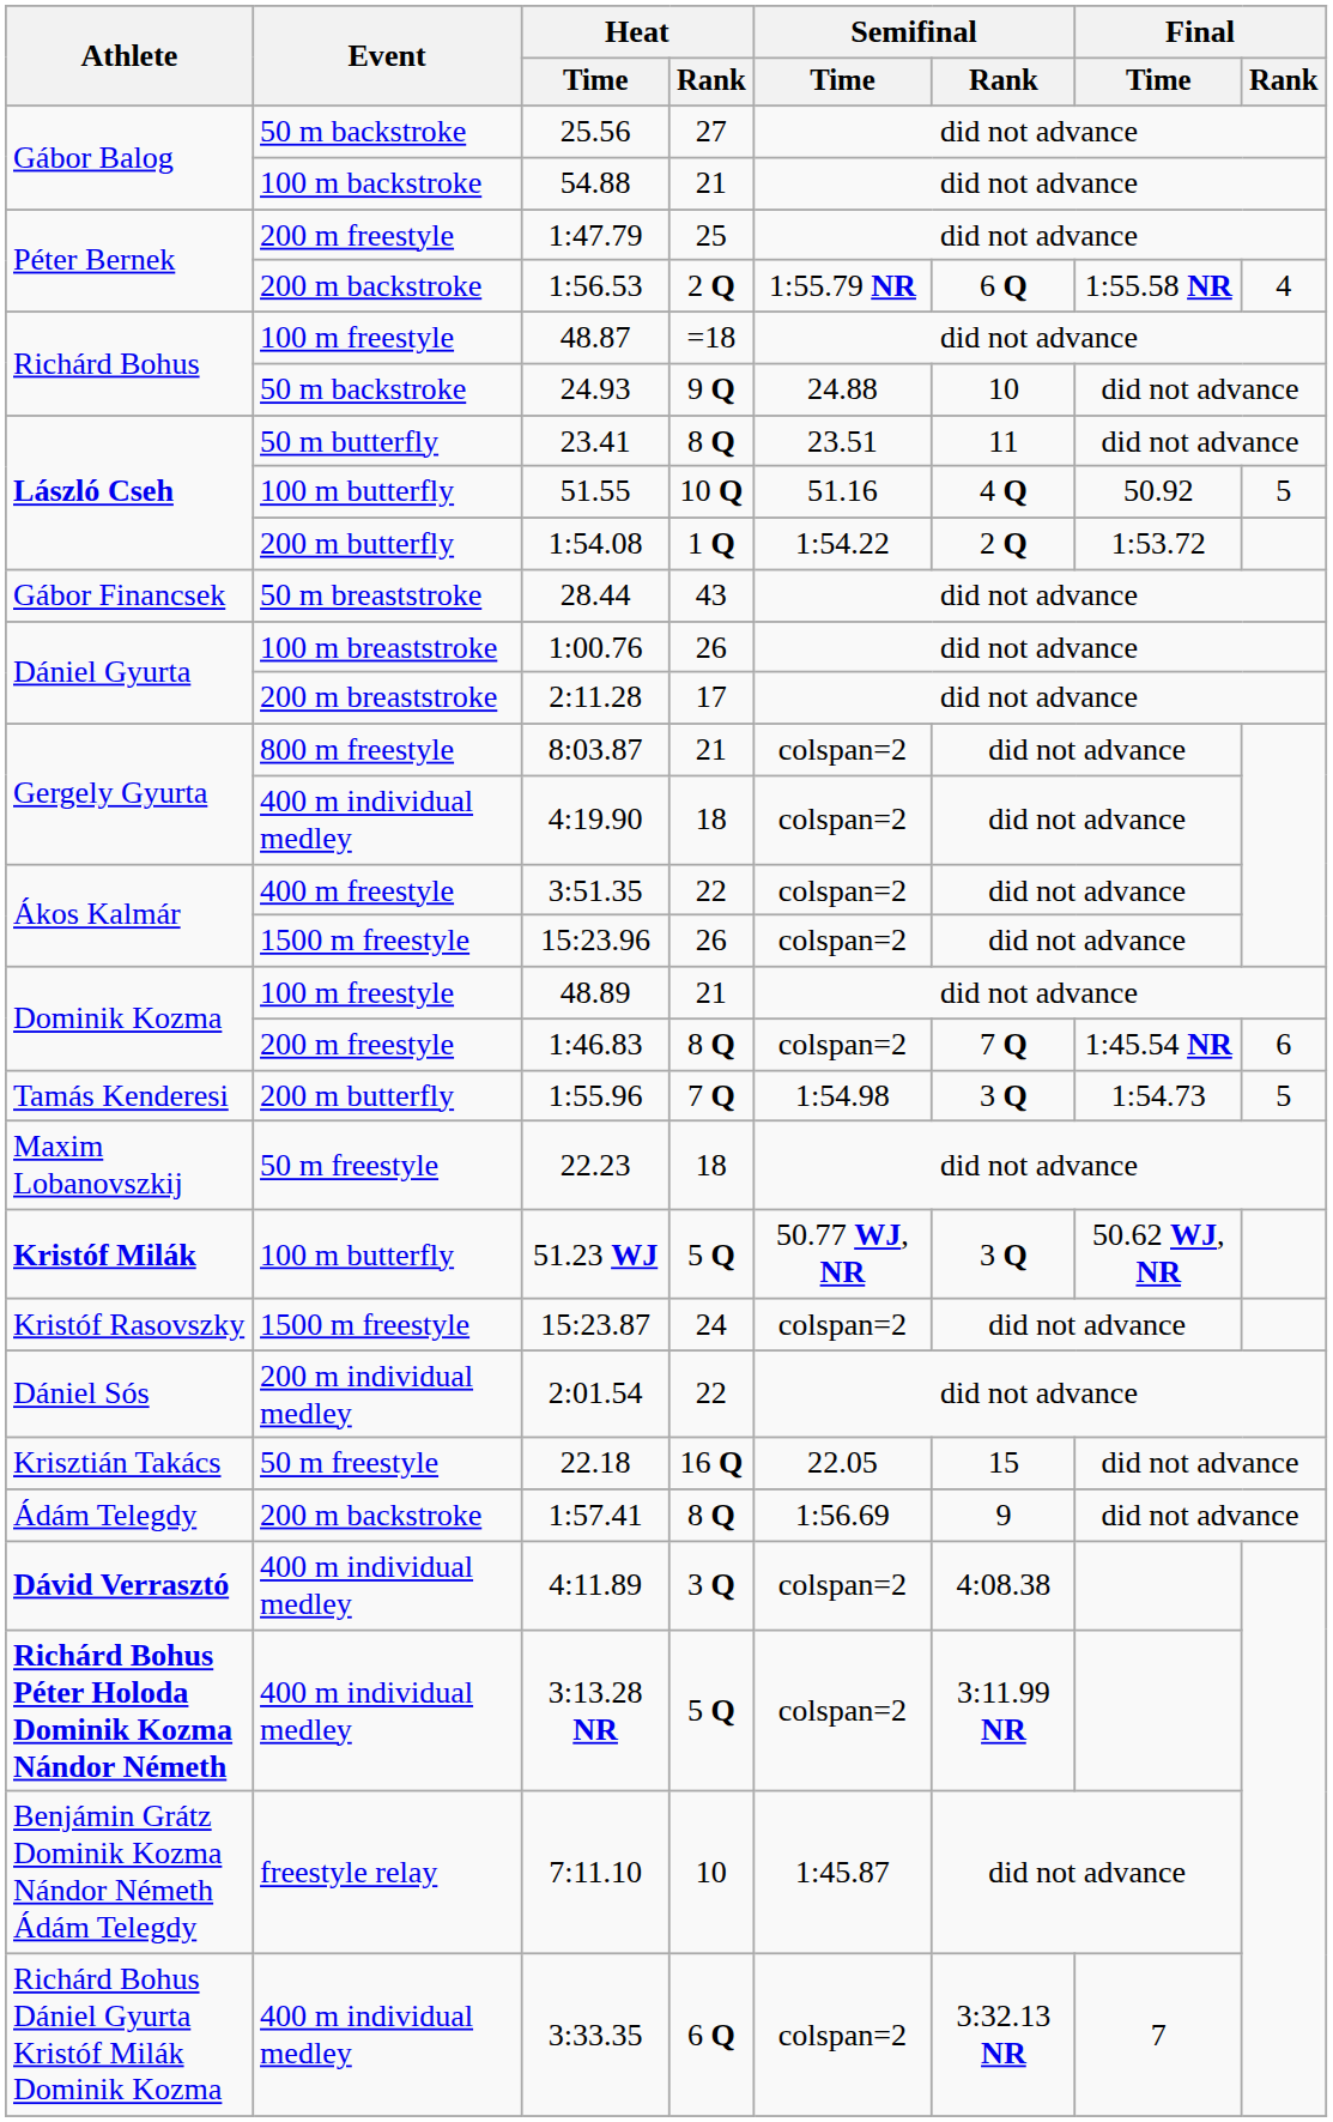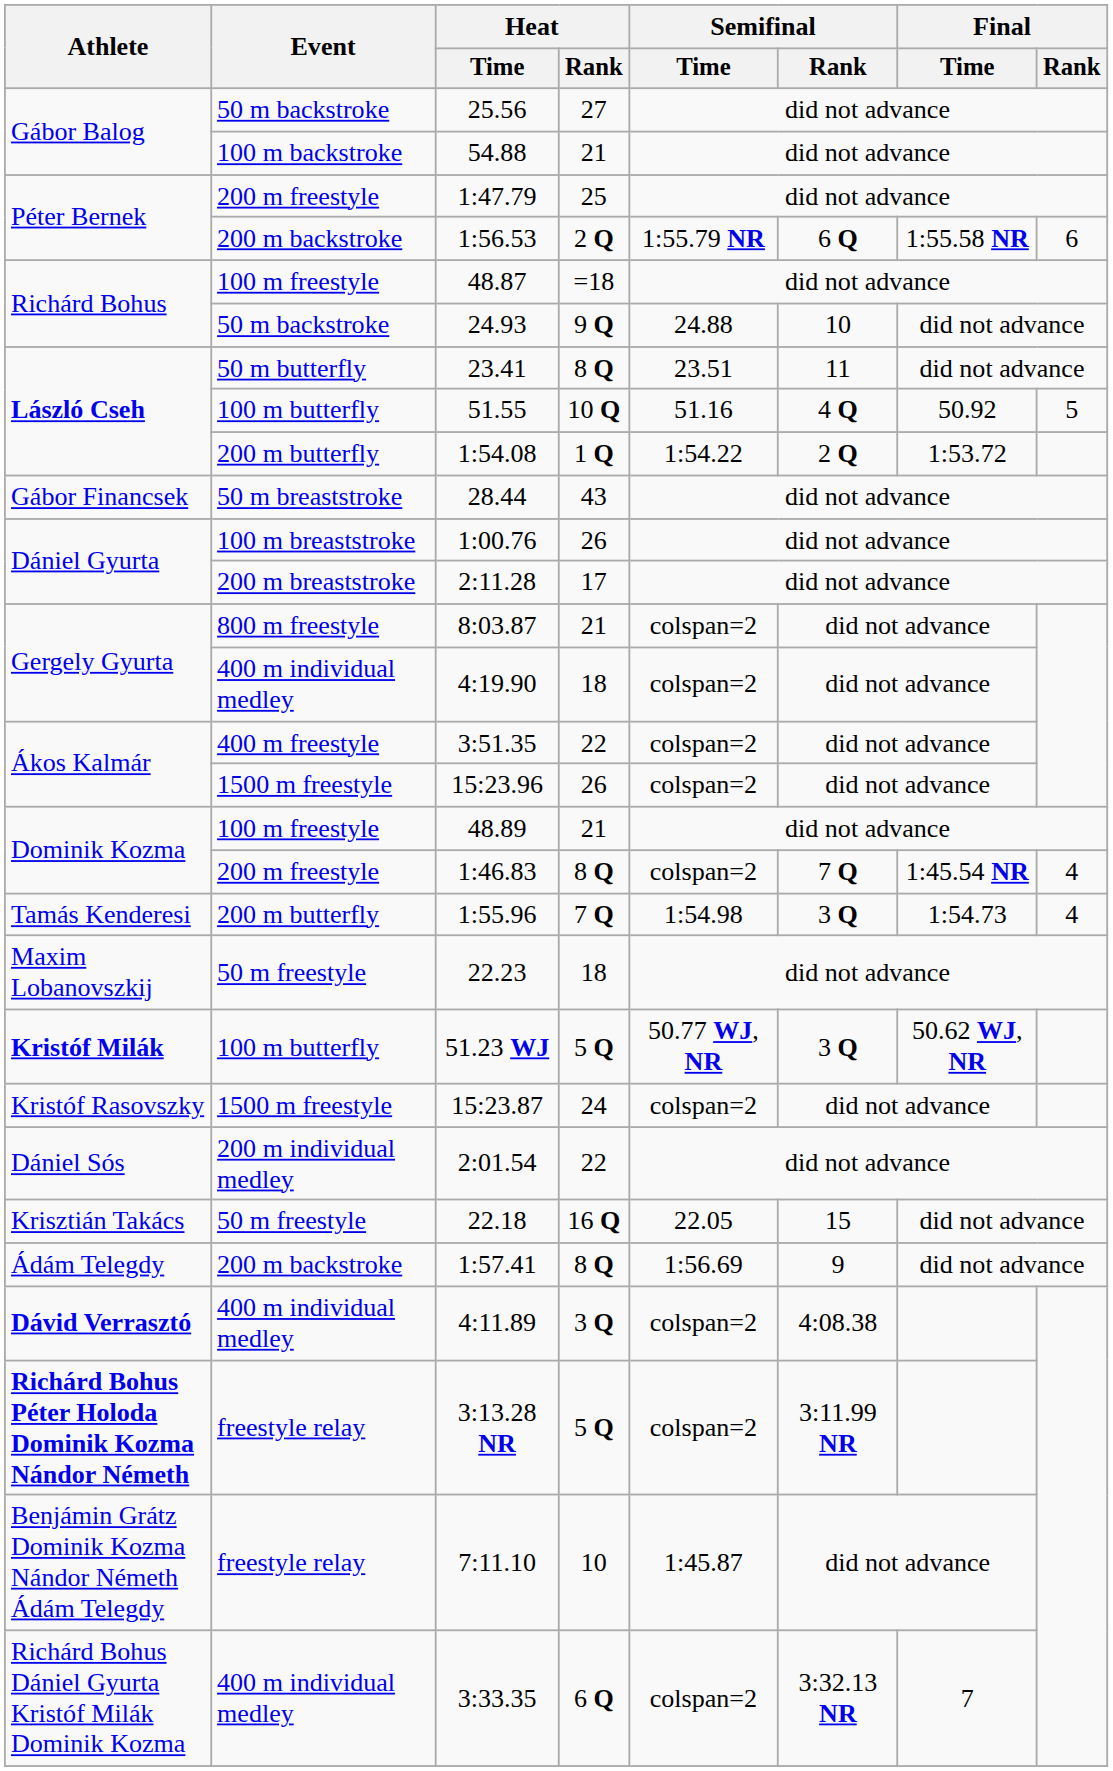 <table class=wikitable style="font-size:90%">
 <tr>
 <th rowspan="2">Athlete</th>
 <th rowspan="2">Event</th>
 <th colspan="2">Heat</th>
 <th colspan="2">Semifinal</th>
 <th colspan="2">Final</th>
 </tr>
 <tr style="font-size:95%">
 <th>Time</th>
 <th>Rank</th>
 <th>Time</th>
 <th>Rank</th>
 <th>Time</th>
 <th>Rank</th>
 </tr>
 <tr align=center>
 <td align=left  rowspan=2><a href='#'>Gábor Balog</a></td>
 <td align=left><a href='#'>50 m backstroke</a></td>
 <td>25.56</td>
 <td>27</td>
 <td colspan=4>did not advance</td>
 </tr>
 <tr align=center>
 <td align=left><a href='#'>100 m backstroke</a></td>
 <td>54.88</td>
 <td>21</td>
 <td colspan=4>did not advance</td>
 </tr>
 <tr align=center>
 <td align=left rowspan=2><a href='#'>Péter Bernek</a></td>
 <td align=left><a href='#'>200 m freestyle</a></td>
 <td>1:47.79</td>
 <td>25</td>
 <td colspan=4>did not advance</td>
 </tr>
 <tr align=center>
 <td align=left><a href='#'>200 m backstroke</a></td>
 <td>1:56.53</td>
 <td>2 <strong>Q</strong></td>
 <td>1:55.79 <strong><a href='#'>NR</a></strong></td>
 <td>6 <strong>Q</strong></td>
 <td>1:55.58 <strong><a href='#'>NR</a></strong></td>
-<td>4</td>
+<td>6</td>
 </tr>
 <tr align=center>
 <td align=left rowspan=2><a href='#'>Richárd Bohus</a></td>
 <td align=left><a href='#'>100 m freestyle</a></td>
 <td>48.87</td>
 <td>=18</td>
 <td colspan=4>did not advance</td>
 </tr>
 <tr align=center>
 <td align=left><a href='#'>50 m backstroke</a></td>
 <td>24.93</td>
 <td>9 <strong>Q</strong></td>
 <td>24.88</td>
 <td>10</td>
 <td colspan=2>did not advance</td>
 </tr>
 <tr align=center>
 <td align=left rowspan=3><strong><a href='#'>László Cseh</a></strong></td>
 <td align=left><a href='#'>50 m butterfly</a></td>
 <td>23.41</td>
 <td>8 <strong>Q</strong></td>
 <td>23.51</td>
 <td>11</td>
 <td colspan=2>did not advance</td>
 </tr>
 <tr align=center>
 <td align=left><a href='#'>100 m butterfly</a></td>
 <td>51.55</td>
 <td>10 <strong>Q</strong></td>
 <td>51.16</td>
 <td>4 <strong>Q</strong></td>
 <td>50.92</td>
 <td>5</td>
 </tr>
 <tr align=center>
 <td align=left><a href='#'>200 m butterfly</a></td>
 <td>1:54.08</td>
 <td>1 <strong>Q</strong></td>
 <td>1:54.22</td>
 <td>2 <strong>Q</strong></td>
 <td>1:53.72</td>
 <td></td>
 </tr>
 <tr align=center>
 <td align=left><a href='#'>Gábor Financsek</a></td>
 <td align=left><a href='#'>50 m breaststroke</a></td>
 <td>28.44</td>
 <td>43</td>
 <td colspan=4>did not advance</td>
 </tr>
 <tr align=center>
 <td align=left rowspan=2><a href='#'>Dániel Gyurta</a></td>
 <td align=left><a href='#'>100 m breaststroke</a></td>
 <td>1:00.76</td>
 <td>26</td>
 <td colspan=4>did not advance</td>
 </tr>
 <tr align=center>
 <td align=left><a href='#'>200 m breaststroke</a></td>
 <td>2:11.28</td>
 <td>17</td>
 <td colspan=4>did not advance</td>
 </tr>
 <tr align=center>
 <td align=left rowspan=2><a href='#'>Gergely Gyurta</a></td>
 <td align=left><a href='#'>800 m freestyle</a></td>
 <td>8:03.87</td>
 <td>21</td>
 <td>colspan=2 </td>
 <td colspan=2>did not advance</td>
 </tr>
 <tr align=center>
 <td align=left><a href='#'>400 m individual medley</a></td>
 <td>4:19.90</td>
 <td>18</td>
 <td>colspan=2 </td>
 <td colspan=2>did not advance</td>
 </tr>
 <tr align=center>
 <td align=left rowspan=2><a href='#'>Ákos Kalmár</a></td>
 <td align=left><a href='#'>400 m freestyle</a></td>
 <td>3:51.35</td>
 <td>22</td>
 <td>colspan=2 </td>
 <td colspan=2>did not advance</td>
 </tr>
 <tr align=center>
 <td align=left><a href='#'>1500 m freestyle</a></td>
 <td>15:23.96</td>
 <td>26</td>
 <td>colspan=2 </td>
 <td colspan=2>did not advance</td>
 </tr>
 <tr align=center>
 <td align=left rowspan=2><a href='#'>Dominik Kozma</a></td>
 <td align=left><a href='#'>100 m freestyle</a></td>
 <td>48.89</td>
 <td>21</td>
 <td colspan=4>did not advance</td>
 </tr>
 <tr align=center>
 <td align=left><a href='#'>200 m freestyle</a></td>
 <td>1:46.83</td>
 <td>8 <strong>Q</strong></td>
 <td>colspan=2 </td>
 <td>7 <strong>Q</strong></td>
 <td>1:45.54 <strong><a href='#'>NR</a></strong></td>
-<td>6</td>
+<td>4</td>
 </tr>
 <tr align=center>
 <td align=left><a href='#'>Tamás Kenderesi</a></td>
 <td align=left><a href='#'>200 m butterfly</a></td>
 <td>1:55.96</td>
 <td>7 <strong>Q</strong></td>
 <td>1:54.98</td>
 <td>3 <strong>Q</strong></td>
 <td>1:54.73</td>
-<td>5</td>
+<td>4</td>
 </tr>
 <tr align=center>
 <td align=left><a href='#'>Maxim Lobanovszkij</a></td>
 <td align=left><a href='#'>50 m freestyle</a></td>
 <td>22.23</td>
 <td>18</td>
 <td colspan=4>did not advance</td>
 </tr>
 <tr align=center>
 <td align=left><strong><a href='#'>Kristóf Milák</a></strong></td>
 <td align=left><a href='#'>100 m butterfly</a></td>
 <td>51.23 <strong><a href='#'>WJ</a></strong></td>
 <td>5 <strong>Q</strong></td>
 <td>50.77 <strong><a href='#'>WJ</a></strong>, <strong><a href='#'>NR</a></strong></td>
 <td>3 <strong>Q</strong></td>
 <td>50.62 <strong><a href='#'>WJ</a></strong>, <strong><a href='#'>NR</a></strong></td>
 <td></td>
 </tr>
 <tr align=center>
 <td align=left><a href='#'>Kristóf Rasovszky</a></td>
 <td align=left><a href='#'>1500 m freestyle</a></td>
 <td>15:23.87</td>
 <td>24</td>
 <td>colspan=2 </td>
 <td colspan=2>did not advance</td>
 </tr>
 <tr align=center>
 <td align=left><a href='#'>Dániel Sós</a></td>
 <td align=left><a href='#'>200 m individual medley</a></td>
 <td>2:01.54</td>
 <td>22</td>
 <td colspan=4>did not advance</td>
 </tr>
 <tr align=center>
 <td align=left><a href='#'>Krisztián Takács</a></td>
 <td align=left><a href='#'>50 m freestyle</a></td>
 <td>22.18</td>
 <td>16 <strong>Q</strong></td>
 <td>22.05</td>
 <td>15</td>
 <td colspan=2>did not advance</td>
 </tr>
 <tr align=center>
 <td align=left><a href='#'>Ádám Telegdy</a></td>
 <td align=left><a href='#'>200 m backstroke</a></td>
 <td>1:57.41</td>
 <td>8 <strong>Q</strong></td>
 <td>1:56.69</td>
 <td>9</td>
 <td colspan=2>did not advance</td>
 </tr>
 <tr align=center>
 <td align=left><strong><a href='#'>Dávid Verrasztó</a></strong></td>
 <td align=left><a href='#'>400 m individual medley</a></td>
 <td>4:11.89</td>
 <td>3 <strong>Q</strong></td>
 <td>colspan=2 </td>
 <td>4:08.38</td>
 <td></td>
 </tr>
 <tr align=center>
 <td align=left><strong><a href='#'>Richárd Bohus</a><br><a href='#'>Péter Holoda</a><br><a href='#'>Dominik Kozma</a><br><a href='#'>Nándor Németh</a></strong></td>
-<td align=left><a href='#'>400 m individual medley</a></td>
+<td align=left><a href='#'> freestyle relay</a></td>
 <td>3:13.28 <strong><a href='#'>NR</a></strong></td>
 <td>5 <strong>Q</strong></td>
 <td>colspan=2 </td>
 <td>3:11.99 <strong><a href='#'>NR</a></strong></td>
 <td></td>
 </tr>
 <tr align=center>
 <td align=left><a href='#'>Benjámin Grátz</a><br><a href='#'>Dominik Kozma</a><br><a href='#'>Nándor Németh</a><br><a href='#'>Ádám Telegdy</a></td>
 <td align=left><a href='#'> freestyle relay</a></td>
 <td>7:11.10</td>
 <td>10</td>
 <td>1:45.87</td>
 <td colspan=2>did not advance</td>
 </tr>
 <tr align=center>
 <td align=left><a href='#'>Richárd Bohus</a><br><a href='#'>Dániel Gyurta</a><br><a href='#'>Kristóf Milák</a><br><a href='#'>Dominik Kozma</a></td>
 <td align=left><a href='#'>400 m individual medley</a></td>
 <td>3:33.35</td>
 <td>6 <strong>Q</strong></td>
 <td>colspan=2 </td>
 <td>3:32.13 <strong><a href='#'>NR</a></strong></td>
 <td>7</td>
 </tr>
 </table>
